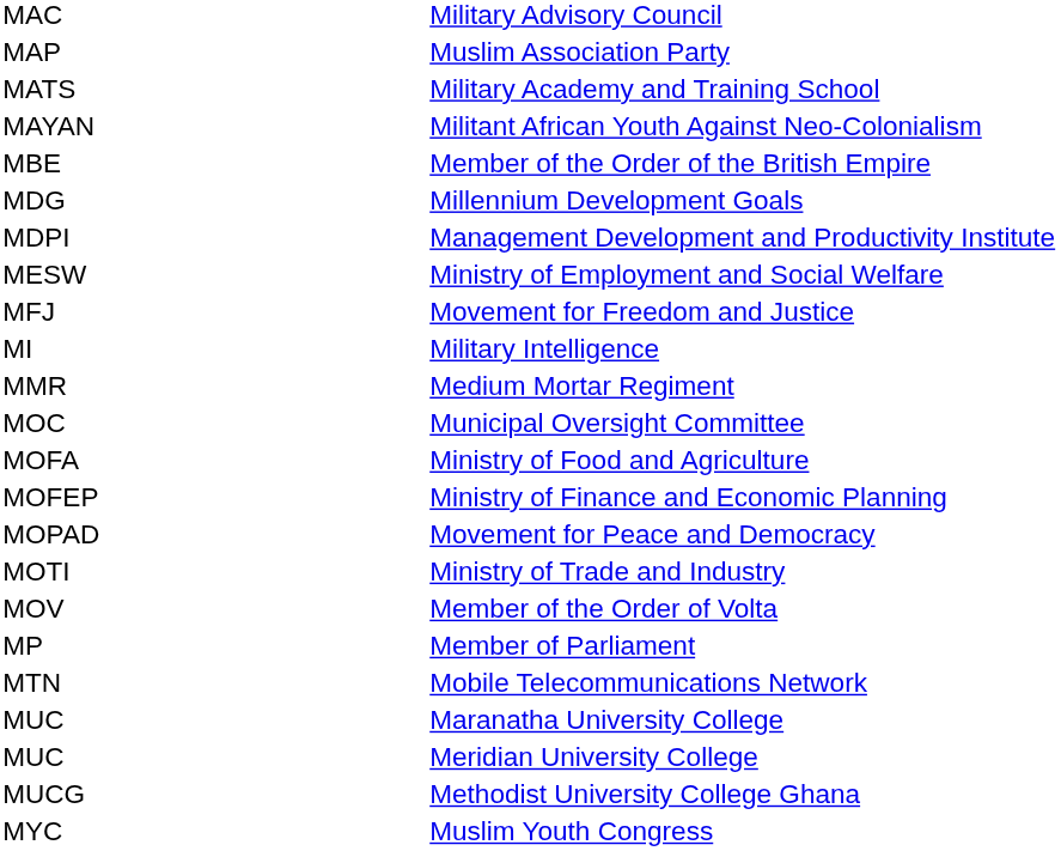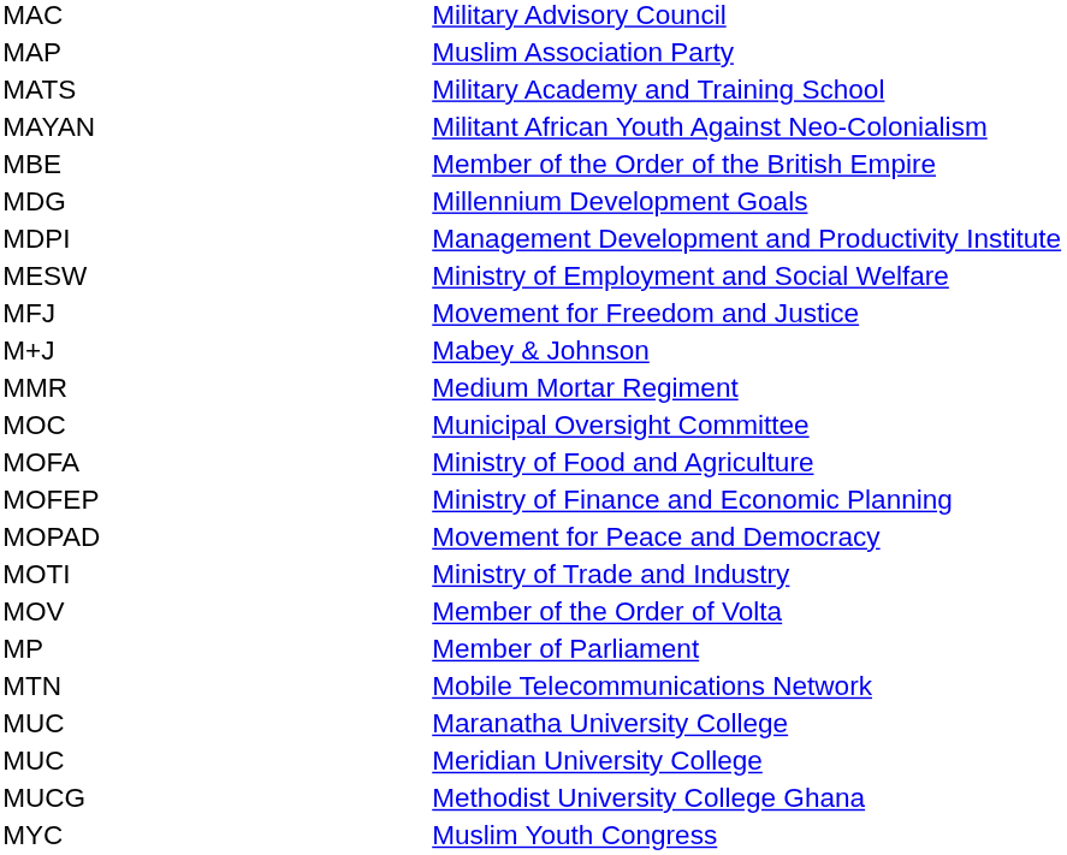 <table width="100%" style="text-verticalalign:top">
 <tr>
 <td width="20%">MAC</td>
 <td width="40%"><a href='#'>Military Advisory Council</a></td>
 <td width="40%"></td>
 </tr>
 <tr>
 <td>MAP</td>
 <td><a href='#'>Muslim Association Party</a></td>
 <td></td>
 </tr>
 <tr>
 <td>MATS</td>
 <td><a href='#'>Military Academy and Training School</a></td>
 <td></td>
 </tr>
 <tr>
 <td>MAYAN</td>
 <td><a href='#'>Militant African Youth Against Neo-Colonialism</a></td>
 <td></td>
 </tr>
 <tr>
 <td>MBE</td>
 <td><a href='#'>Member of the Order of the British Empire</a></td>
 <td></td>
 </tr>
 <tr>
 <td>MDG</td>
 <td><a href='#'>Millennium Development Goals</a></td>
 <td></td>
 </tr>
 <tr>
 <td>MDPI</td>
 <td><a href='#'>Management Development and Productivity Institute</a></td>
 <td></td>
 </tr>
 <tr>
 <td>MESW</td>
 <td><a href='#'>Ministry of Employment and Social Welfare</a></td>
 <td></td>
 </tr>
 <tr>
 <td>MFJ</td>
 <td><a href='#'>Movement for Freedom and Justice</a></td>
 <td></td>
 </tr>
 <tr>
-<td>MI</td>
-<td><a href='#'>Military Intelligence</a></td>
+<td>M+J</td>
+<td><a href='#'>Mabey & Johnson</a></td>
 <td></td>
 </tr>
 <tr>
 <td>MMR</td>
 <td><a href='#'>Medium Mortar Regiment</a></td>
 <td></td>
 </tr>
 <tr>
 <td>MOC</td>
 <td><a href='#'>Municipal Oversight Committee</a></td>
 <td></td>
 </tr>
 <tr>
 <td>MOFA</td>
 <td><a href='#'>Ministry of Food and Agriculture</a></td>
 <td></td>
 </tr>
 <tr>
 <td>MOFEP</td>
 <td><a href='#'>Ministry of Finance and Economic Planning</a></td>
 <td></td>
 </tr>
 <tr>
 <td>MOPAD</td>
 <td><a href='#'>Movement for Peace and Democracy</a></td>
 <td></td>
 </tr>
 <tr>
 <td>MOTI</td>
 <td><a href='#'>Ministry of Trade and Industry</a></td>
 <td></td>
 </tr>
 <tr>
 <td>MOV</td>
 <td><a href='#'>Member of the Order of Volta</a></td>
 <td></td>
 </tr>
 <tr>
 <td>MP</td>
 <td><a href='#'>Member of Parliament</a></td>
 <td></td>
 </tr>
 <tr>
 <td>MTN</td>
 <td><a href='#'>Mobile Telecommunications Network</a></td>
 <td></td>
 </tr>
 <tr>
 <td>MUC</td>
 <td><a href='#'>Maranatha University College</a></td>
 <td></td>
 </tr>
 <tr>
 <td>MUC</td>
 <td><a href='#'>Meridian University College</a></td>
 <td></td>
 </tr>
 <tr>
 <td>MUCG</td>
 <td><a href='#'>Methodist University College Ghana</a></td>
 <td></td>
 </tr>
 <tr>
 <td>MYC</td>
 <td><a href='#'>Muslim Youth Congress</a></td>
 <td></td>
 </tr>
 </table>
